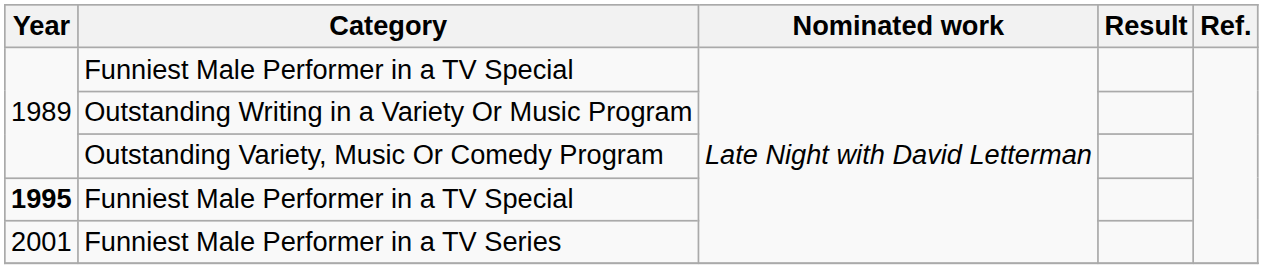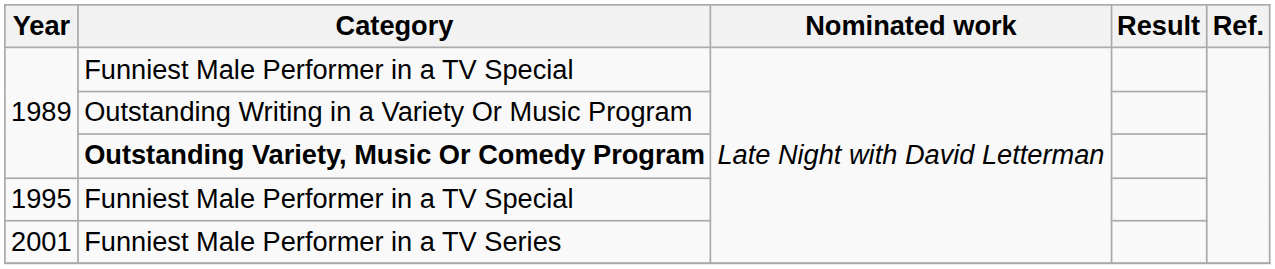 <table class="wikitable">
 <tr>
 <th scope="col">Year</th>
 <th scope="col">Category</th>
 <th scope="col">Nominated work</th>
 <th scope="col">Result</th>
 <th>Ref.</th>
 </tr>
 <tr>
 <td rowspan=3>1989</td>
 <td>Funniest Male Performer in a TV Special</td>
 <td rowspan=5><em>Late Night with David Letterman</em></td>
 <td></td>
 <td rowspan=5></td>
 </tr>
 <tr>
 <td>Outstanding Writing in a Variety Or Music Program</td>
 <td></td>
 </tr>
 <tr>
-<td>Outstanding Variety, Music Or Comedy Program</td>
+<td><strong>Outstanding Variety, Music Or Comedy Program</strong></td>
 <td></td>
 </tr>
 <tr>
-<td><strong>1995</strong></td>
+<td>1995</td>
 <td>Funniest Male Performer in a TV Special</td>
 <td></td>
 </tr>
 <tr>
 <td>2001</td>
 <td>Funniest Male Performer in a TV Series</td>
 <td></td>
 </tr>
 <tr>
 </tr>
 </table>
